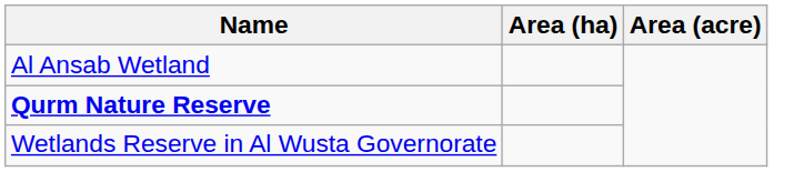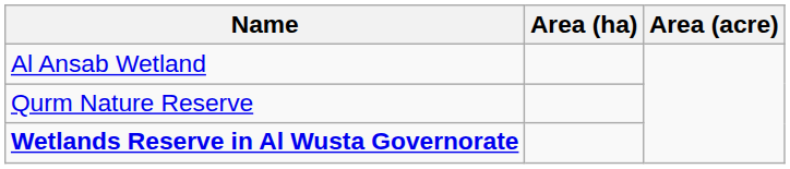 <table class="wikitable sortable">
 <tr>
 <th scope="col" align=left>Name</th>
 <th scope="col">Area (ha)</th>
 <th scope="col">Area (acre)</th>
 </tr>
 <tr ---->
 <td><a href='#'>Al Ansab Wetland</a></td>
 <td></td>
 </tr>
 <tr ---->
-<td><strong><a href='#'>Qurm Nature Reserve</a></strong></td>
+<td><a href='#'>Qurm Nature Reserve</a></td>
 <td></td>
 </tr>
 <tr ---->
-<td><a href='#'>Wetlands Reserve in Al Wusta Governorate</a></td>
+<td><strong><a href='#'>Wetlands Reserve in Al Wusta Governorate</a></strong></td>
 <td></td>
 </tr>
 </table>
